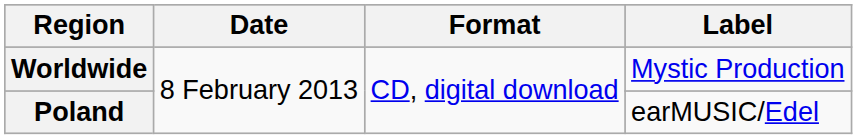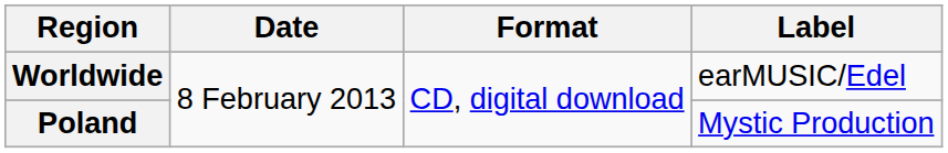 <table class="wikitable plainrowheaders">
 <tr>
 <th scope="col">Region</th>
 <th scope="col">Date</th>
 <th scope="col">Format</th>
 <th scope="col">Label</th>
 </tr>
 <tr>
 <th scope="row">Worldwide</th>
 <td rowspan="2">8 February 2013</td>
 <td rowspan="2"><a href='#'>CD</a>, <a href='#'>digital download</a></td>
-<td><a href='#'>Mystic Production</a></td>
+<td>earMUSIC/<a href='#'>Edel</a></td>
 </tr>
 <tr>
 <th scope="row">Poland</th>
-<td>earMUSIC/<a href='#'>Edel</a></td>
+<td><a href='#'>Mystic Production</a></td>
 </tr>
 </table>
